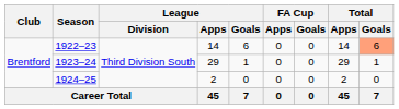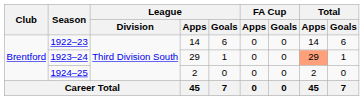 <table class="wikitable" style="text-align: center;">
 <tr>
 <th rowspan="2">Club</th>
 <th rowspan="2">Season</th>
 <th colspan="3">League</th>
 <th colspan="2">FA Cup</th>
 <th colspan="2">Total</th>
 </tr>
 <tr>
 <th>Division</th>
 <th>Apps</th>
 <th>Goals</th>
 <th>Apps</th>
 <th>Goals</th>
 <th>Apps</th>
 <th>Goals</th>
 </tr>
 <tr>
 <td rowspan="3"><a href='#'>Brentford</a></td>
 <td><a href='#'>1922–23</a></td>
 <td rowspan="3"><a href='#'>Third Division South</a></td>
 <td>14</td>
 <td>6</td>
 <td>0</td>
 <td>0</td>
 <td>14</td>
-<td style="background: lightsalmon;">6</td>
+<td>6</td>
 </tr>
 <tr>
 <td><a href='#'>1923–24</a></td>
 <td>29</td>
 <td>1</td>
 <td>0</td>
 <td>0</td>
-<td>29</td>
+<td style="background: lightsalmon;">29</td>
 <td>1</td>
 </tr>
 <tr>
 <td><a href='#'>1924–25</a></td>
 <td>2</td>
 <td>0</td>
 <td>0</td>
 <td>0</td>
 <td>2</td>
 <td>0</td>
 </tr>
 <tr>
 <th colspan="3">Career Total</th>
 <th>45</th>
 <th>7</th>
 <th>0</th>
 <th>0</th>
 <th>45</th>
 <th>7</th>
 </tr>
 </table>
